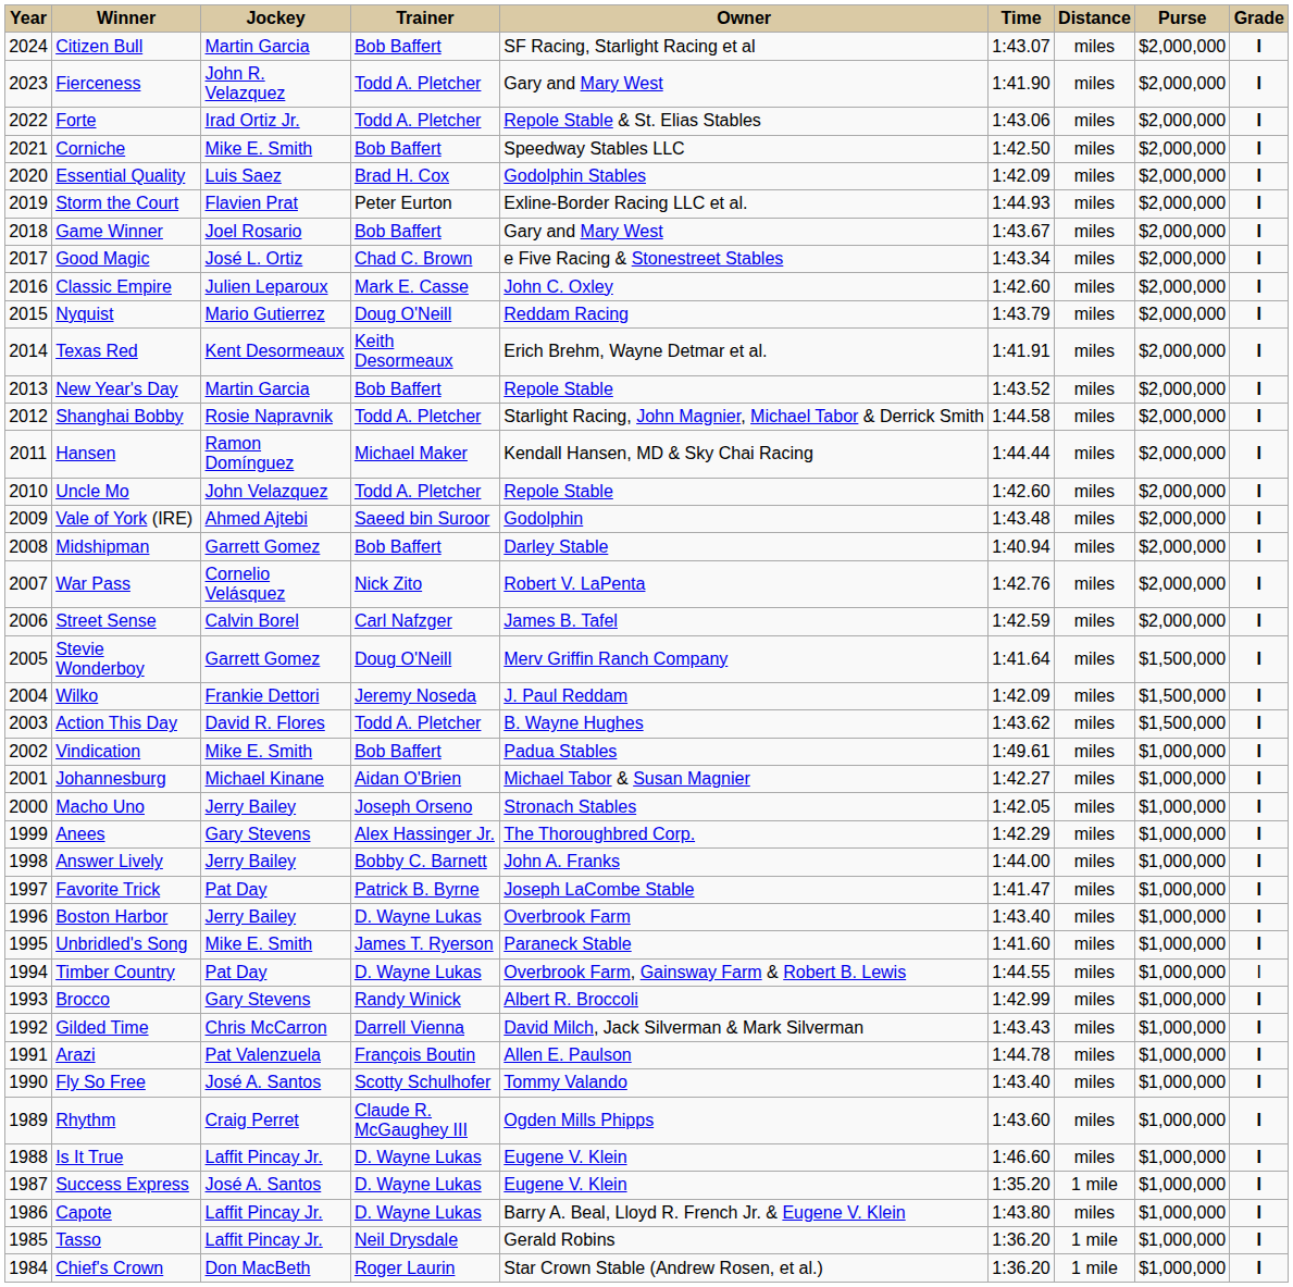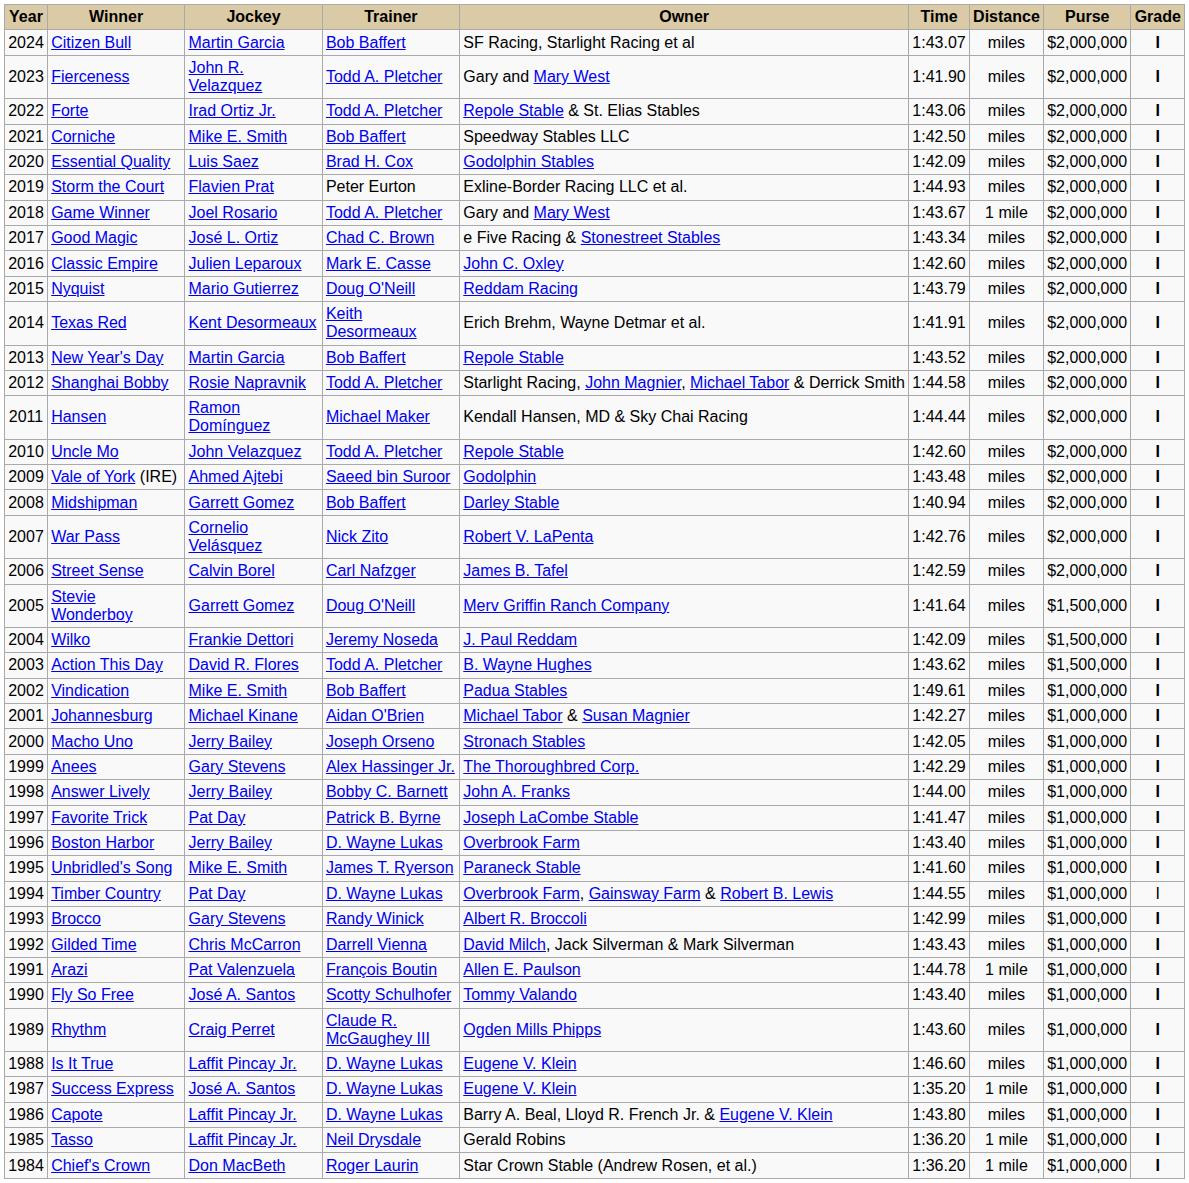 <table class="wikitable sortable">
 <tr>
 <th style="background-color:#DACAA5; width:25px">Year</th>
 <th style="background-color:#DACAA5; width:130px">Winner</th>
 <th style="background-color:#DACAA5; width:130px">Jockey</th>
 <th style="background-color:#DACAA5; width:130px">Trainer</th>
 <th style="background-color:#DACAA5;">Owner</th>
 <th style="background-color:#DACAA5; width:30px">Time</th>
 <th style="background-color:#DACAA5; width:60px">Distance</th>
 <th style="background-color:#DACAA5; width:40px">Purse</th>
 <th style="background-color:#DACAA5; width:40px">Grade</th>
 </tr>
 <tr>
 <td align="center">2024</td>
 <td><a href='#'>Citizen Bull</a></td>
 <td><a href='#'>Martin Garcia</a></td>
 <td><a href='#'>Bob Baffert</a></td>
 <td>SF Racing, Starlight Racing et al</td>
 <td align="center">1:43.07</td>
 <td align="center"> miles</td>
 <td align="center">$2,000,000</td>
 <td align="center"><strong>I</strong></td>
 </tr>
 <tr>
 <td align="center">2023</td>
 <td><a href='#'>Fierceness</a></td>
 <td><a href='#'>John R. Velazquez</a></td>
 <td><a href='#'>Todd A. Pletcher</a></td>
 <td>Gary and <a href='#'>Mary West</a></td>
 <td align="center">1:41.90</td>
 <td align="center"> miles</td>
 <td align="center">$2,000,000</td>
 <td align="center"><strong>I</strong></td>
 </tr>
 <tr>
 <td align="center">2022</td>
 <td><a href='#'>Forte</a></td>
 <td><a href='#'>Irad Ortiz Jr.</a></td>
 <td><a href='#'>Todd A. Pletcher</a></td>
 <td><a href='#'>Repole Stable</a> & St. Elias Stables</td>
 <td align="center">1:43.06</td>
 <td align="center"> miles</td>
 <td align="center">$2,000,000</td>
 <td align="center"><strong>I</strong></td>
 </tr>
 <tr>
 <td align="center">2021</td>
 <td><a href='#'>Corniche</a></td>
 <td><a href='#'>Mike E. Smith</a></td>
 <td><a href='#'>Bob Baffert</a></td>
 <td>Speedway Stables LLC</td>
 <td align="center">1:42.50</td>
 <td align="center"> miles</td>
 <td align="center">$2,000,000</td>
 <td align="center"><strong>I</strong></td>
 </tr>
 <tr>
 <td align="center">2020</td>
 <td><a href='#'>Essential Quality</a></td>
 <td><a href='#'>Luis Saez</a></td>
 <td><a href='#'>Brad H. Cox</a></td>
 <td><a href='#'>Godolphin Stables</a></td>
 <td align="center">1:42.09</td>
 <td align="center"> miles</td>
 <td align="center">$2,000,000</td>
 <td align="center"><strong>I</strong></td>
 </tr>
 <tr>
 <td align="center">2019</td>
 <td><a href='#'>Storm the Court</a></td>
 <td><a href='#'>Flavien Prat</a></td>
 <td>Peter Eurton</td>
 <td>Exline-Border Racing LLC et al.</td>
 <td align="center">1:44.93</td>
 <td align="center"> miles</td>
 <td align="center">$2,000,000</td>
 <td align="center"><strong>I</strong></td>
 </tr>
 <tr>
 <td align="center">2018</td>
 <td><a href='#'>Game Winner</a></td>
 <td><a href='#'>Joel Rosario</a></td>
-<td><a href='#'>Bob Baffert</a></td>
+<td><a href='#'>Todd A. Pletcher</a></td>
 <td>Gary and <a href='#'>Mary West</a></td>
 <td align="center">1:43.67</td>
-<td align="center"> miles</td>
+<td align=center>1 mile</td>
 <td align="center">$2,000,000</td>
 <td align="center"><strong>I</strong></td>
 </tr>
 <tr>
 <td align="center">2017</td>
 <td><a href='#'>Good Magic</a></td>
 <td><a href='#'>José L. Ortiz</a></td>
 <td><a href='#'>Chad C. Brown</a></td>
 <td>e Five Racing & <a href='#'>Stonestreet Stables</a></td>
 <td align="center">1:43.34</td>
 <td align="center"> miles</td>
 <td align="center">$2,000,000</td>
 <td align="center"><strong>I</strong></td>
 </tr>
 <tr>
 <td align="center">2016</td>
 <td><a href='#'>Classic Empire</a></td>
 <td><a href='#'>Julien Leparoux</a></td>
 <td><a href='#'>Mark E. Casse</a></td>
 <td><a href='#'>John C. Oxley</a></td>
 <td align="center">1:42.60</td>
 <td align="center"> miles</td>
 <td align="center">$2,000,000</td>
 <td align="center"><strong>I</strong></td>
 </tr>
 <tr>
 <td align="center">2015</td>
 <td><a href='#'>Nyquist</a></td>
 <td><a href='#'>Mario Gutierrez</a></td>
 <td><a href='#'>Doug O'Neill</a></td>
 <td><a href='#'>Reddam Racing</a></td>
 <td align="center">1:43.79</td>
 <td align="center"> miles</td>
 <td align="center">$2,000,000</td>
 <td align="center"><strong>I</strong></td>
 </tr>
 <tr>
 <td align="center">2014</td>
 <td><a href='#'>Texas Red</a></td>
 <td><a href='#'>Kent Desormeaux</a></td>
 <td><a href='#'>Keith Desormeaux</a></td>
 <td>Erich Brehm, Wayne Detmar et al.</td>
 <td align="center">1:41.91</td>
 <td align="center"> miles</td>
 <td align="center">$2,000,000</td>
 <td align="center"><strong>I</strong></td>
 </tr>
 <tr>
 <td align="center">2013</td>
 <td><a href='#'>New Year's Day</a></td>
 <td><a href='#'>Martin Garcia</a></td>
 <td><a href='#'>Bob Baffert</a></td>
 <td><a href='#'>Repole Stable</a></td>
 <td align="center">1:43.52</td>
 <td align="center"> miles</td>
 <td align="center">$2,000,000</td>
 <td align="center"><strong>I</strong></td>
 </tr>
 <tr>
 <td align="center">2012</td>
 <td><a href='#'>Shanghai Bobby</a></td>
 <td><a href='#'>Rosie Napravnik</a></td>
 <td><a href='#'>Todd A. Pletcher</a></td>
 <td>Starlight Racing, <a href='#'>John Magnier</a>, <a href='#'>Michael Tabor</a> & Derrick Smith</td>
 <td align="center">1:44.58</td>
 <td align="center"> miles</td>
 <td align="center">$2,000,000</td>
 <td align="center"><strong>I</strong></td>
 </tr>
 <tr>
 <td align="center">2011</td>
 <td><a href='#'>Hansen</a></td>
 <td><a href='#'>Ramon Domínguez</a></td>
 <td><a href='#'>Michael Maker</a></td>
 <td>Kendall Hansen, MD & Sky Chai Racing</td>
 <td align="center">1:44.44</td>
 <td align="center"> miles</td>
 <td align="center">$2,000,000</td>
 <td align="center"><strong>I</strong></td>
 </tr>
 <tr>
 <td align="center">2010</td>
 <td><a href='#'>Uncle Mo</a></td>
 <td><a href='#'>John Velazquez</a></td>
 <td><a href='#'>Todd A. Pletcher</a></td>
 <td><a href='#'>Repole Stable</a></td>
 <td align="center">1:42.60</td>
 <td align="center"> miles</td>
 <td align="center">$2,000,000</td>
 <td align="center"><strong>I</strong></td>
 </tr>
 <tr>
 <td align="center">2009</td>
 <td><a href='#'>Vale of York</a> (IRE)</td>
 <td><a href='#'>Ahmed Ajtebi</a></td>
 <td><a href='#'>Saeed bin Suroor</a></td>
 <td><a href='#'>Godolphin</a></td>
 <td align="center">1:43.48</td>
 <td align="center"> miles</td>
 <td align="center">$2,000,000</td>
 <td align="center"><strong>I</strong></td>
 </tr>
 <tr>
 <td align="center">2008</td>
 <td><a href='#'>Midshipman</a></td>
 <td><a href='#'>Garrett Gomez</a></td>
 <td><a href='#'>Bob Baffert</a></td>
 <td><a href='#'>Darley Stable</a></td>
 <td align="center">1:40.94</td>
 <td align="center"> miles</td>
 <td align="center">$2,000,000</td>
 <td align="center"><strong>I</strong></td>
 </tr>
 <tr>
 <td align="center">2007</td>
 <td><a href='#'>War Pass</a></td>
 <td><a href='#'>Cornelio Velásquez</a></td>
 <td><a href='#'>Nick Zito</a></td>
 <td><a href='#'>Robert V. LaPenta</a></td>
 <td align="center">1:42.76</td>
 <td align="center"> miles</td>
 <td align="center">$2,000,000</td>
 <td align="center"><strong>I</strong></td>
 </tr>
 <tr>
 <td align="center">2006</td>
 <td><a href='#'>Street Sense</a></td>
 <td><a href='#'>Calvin Borel</a></td>
 <td><a href='#'>Carl Nafzger</a></td>
 <td><a href='#'>James B. Tafel</a></td>
 <td align="center">1:42.59</td>
 <td align="center"> miles</td>
 <td align="center">$2,000,000</td>
 <td align="center"><strong>I</strong></td>
 </tr>
 <tr>
 <td align="center">2005</td>
 <td><a href='#'>Stevie Wonderboy</a></td>
 <td><a href='#'>Garrett Gomez</a></td>
 <td><a href='#'>Doug O'Neill</a></td>
 <td><a href='#'>Merv Griffin Ranch Company</a></td>
 <td align="center">1:41.64</td>
 <td align="center"> miles</td>
 <td align="center">$1,500,000</td>
 <td align="center"><strong>I</strong></td>
 </tr>
 <tr>
 <td align="center">2004</td>
 <td><a href='#'>Wilko</a></td>
 <td><a href='#'>Frankie Dettori</a></td>
 <td><a href='#'>Jeremy Noseda</a></td>
 <td><a href='#'>J. Paul Reddam</a></td>
 <td align="center">1:42.09</td>
 <td align="center"> miles</td>
 <td align="center">$1,500,000</td>
 <td align="center"><strong>I</strong></td>
 </tr>
 <tr>
 <td align="center">2003</td>
 <td><a href='#'>Action This Day</a></td>
 <td><a href='#'>David R. Flores</a></td>
 <td><a href='#'>Todd A. Pletcher</a></td>
 <td><a href='#'>B. Wayne Hughes</a></td>
 <td align="center">1:43.62</td>
 <td align="center"> miles</td>
 <td align="center">$1,500,000</td>
 <td align="center"><strong>I</strong></td>
 </tr>
 <tr>
 <td align="center">2002</td>
 <td><a href='#'>Vindication</a></td>
 <td><a href='#'>Mike E. Smith</a></td>
 <td><a href='#'>Bob Baffert</a></td>
 <td><a href='#'>Padua Stables</a></td>
 <td align="center">1:49.61</td>
 <td align="center"> miles</td>
 <td align="center">$1,000,000</td>
 <td align="center"><strong>I</strong></td>
 </tr>
 <tr>
 <td align="center">2001</td>
 <td><a href='#'>Johannesburg</a></td>
 <td><a href='#'>Michael Kinane</a></td>
 <td><a href='#'>Aidan O'Brien</a></td>
 <td><a href='#'>Michael Tabor</a> & <a href='#'>Susan Magnier</a></td>
 <td align="center">1:42.27</td>
 <td align="center"> miles</td>
 <td align="center">$1,000,000</td>
 <td align="center"><strong>I</strong></td>
 </tr>
 <tr>
 <td align="center">2000</td>
 <td><a href='#'>Macho Uno</a></td>
 <td><a href='#'>Jerry Bailey</a></td>
 <td><a href='#'>Joseph Orseno</a></td>
 <td><a href='#'>Stronach Stables</a></td>
 <td align="center">1:42.05</td>
 <td align="center"> miles</td>
 <td align="center">$1,000,000</td>
 <td align="center"><strong>I</strong></td>
 </tr>
 <tr>
 <td align="center">1999</td>
 <td><a href='#'>Anees</a></td>
 <td><a href='#'>Gary Stevens</a></td>
 <td><a href='#'>Alex Hassinger Jr.</a></td>
 <td><a href='#'>The Thoroughbred Corp.</a></td>
 <td align="center">1:42.29</td>
 <td align="center"> miles</td>
 <td align="center">$1,000,000</td>
 <td align="center"><strong>I</strong></td>
 </tr>
 <tr>
 <td align="center">1998</td>
 <td><a href='#'>Answer Lively</a></td>
 <td><a href='#'>Jerry Bailey</a></td>
 <td><a href='#'>Bobby C. Barnett</a></td>
 <td><a href='#'>John A. Franks</a></td>
 <td align="center">1:44.00</td>
 <td align="center"> miles</td>
 <td align="center">$1,000,000</td>
 <td align="center"><strong>I</strong></td>
 </tr>
 <tr>
 <td align="center">1997</td>
 <td><a href='#'>Favorite Trick</a></td>
 <td><a href='#'>Pat Day</a></td>
 <td><a href='#'>Patrick B. Byrne</a></td>
 <td><a href='#'>Joseph LaCombe Stable</a></td>
 <td align="center">1:41.47</td>
 <td align="center"> miles</td>
 <td align="center">$1,000,000</td>
 <td align="center"><strong>I</strong></td>
 </tr>
 <tr>
 <td align="center">1996</td>
 <td><a href='#'>Boston Harbor</a></td>
 <td><a href='#'>Jerry Bailey</a></td>
 <td><a href='#'>D. Wayne Lukas</a></td>
 <td><a href='#'>Overbrook Farm</a></td>
 <td align="center">1:43.40</td>
 <td align="center"> miles</td>
 <td align="center">$1,000,000</td>
 <td align="center"><strong>I</strong></td>
 </tr>
 <tr>
 <td align="center">1995</td>
 <td><a href='#'>Unbridled's Song</a></td>
 <td><a href='#'>Mike E. Smith</a></td>
 <td><a href='#'>James T. Ryerson</a></td>
 <td><a href='#'>Paraneck Stable</a></td>
 <td align="center">1:41.60</td>
 <td align="center"> miles</td>
 <td align="center">$1,000,000</td>
 <td align="center"><strong>I</strong></td>
 </tr>
 <tr>
 <td align=center>1994</td>
 <td><a href='#'>Timber Country</a></td>
 <td><a href='#'>Pat Day</a></td>
 <td><a href='#'>D. Wayne Lukas</a></td>
 <td><a href='#'>Overbrook Farm</a>, <a href='#'>Gainsway Farm</a> & <a href='#'>Robert B. Lewis</a></td>
 <td align=center>1:44.55</td>
 <td align=center> miles</td>
 <td align=center>$1,000,000</td>
 <td align=center>I</td>
 </tr>
 <tr>
 <td align=center>1993</td>
 <td><a href='#'>Brocco</a></td>
 <td><a href='#'>Gary Stevens</a></td>
 <td><a href='#'>Randy Winick</a></td>
 <td><a href='#'>Albert R. Broccoli</a></td>
 <td align=center>1:42.99</td>
 <td align=center> miles</td>
 <td align=center>$1,000,000</td>
 <td align=center><strong>I</strong></td>
 </tr>
 <tr>
 <td align=center>1992</td>
 <td><a href='#'>Gilded Time</a></td>
 <td><a href='#'>Chris McCarron</a></td>
 <td><a href='#'>Darrell Vienna</a></td>
 <td><a href='#'>David Milch</a>, Jack Silverman & Mark Silverman</td>
 <td align=center>1:43.43</td>
 <td align=center> miles</td>
 <td align=center>$1,000,000</td>
 <td align=center><strong>I</strong></td>
 </tr>
 <tr>
 <td align=center>1991</td>
 <td><a href='#'>Arazi</a></td>
 <td><a href='#'>Pat Valenzuela</a></td>
 <td><a href='#'>François Boutin</a></td>
 <td><a href='#'>Allen E. Paulson</a></td>
 <td align=center>1:44.78</td>
-<td align=center> miles</td>
+<td align=center>1 mile</td>
 <td align=center>$1,000,000</td>
 <td align=center><strong>I</strong></td>
 </tr>
 <tr>
 <td align=center>1990</td>
 <td><a href='#'>Fly So Free</a></td>
 <td><a href='#'>José A. Santos</a></td>
 <td><a href='#'>Scotty Schulhofer</a></td>
 <td><a href='#'>Tommy Valando</a></td>
 <td align=center>1:43.40</td>
 <td align=center> miles</td>
 <td align=center>$1,000,000</td>
 <td align=center><strong>I</strong></td>
 </tr>
 <tr>
 <td align=center>1989</td>
 <td><a href='#'>Rhythm</a></td>
 <td><a href='#'>Craig Perret</a></td>
 <td><a href='#'>Claude R. McGaughey III</a></td>
 <td><a href='#'>Ogden Mills Phipps</a></td>
 <td align=center>1:43.60</td>
 <td align=center> miles</td>
 <td align=center>$1,000,000</td>
 <td align=center><strong>I</strong></td>
 </tr>
 <tr>
 <td align=center>1988</td>
 <td><a href='#'>Is It True</a></td>
 <td><a href='#'>Laffit Pincay Jr.</a></td>
 <td><a href='#'>D. Wayne Lukas</a></td>
 <td><a href='#'>Eugene V. Klein</a></td>
 <td align=center>1:46.60</td>
 <td align=center> miles</td>
 <td align=center>$1,000,000</td>
 <td align=center><strong>I</strong></td>
 </tr>
 <tr>
 <td align=center>1987</td>
 <td><a href='#'>Success Express</a></td>
 <td><a href='#'>José A. Santos</a></td>
 <td><a href='#'>D. Wayne Lukas</a></td>
 <td><a href='#'>Eugene V. Klein</a></td>
 <td align=center>1:35.20</td>
 <td align=center>1 mile</td>
 <td align=center>$1,000,000</td>
 <td align=center><strong>I</strong></td>
 </tr>
 <tr>
 <td align=center>1986</td>
 <td><a href='#'>Capote</a></td>
 <td><a href='#'>Laffit Pincay Jr.</a></td>
 <td><a href='#'>D. Wayne Lukas</a></td>
 <td>Barry A. Beal, Lloyd R. French Jr. & <a href='#'>Eugene V. Klein</a></td>
 <td align=center>1:43.80</td>
 <td align=center> miles</td>
 <td align=center>$1,000,000</td>
 <td align=center><strong>I</strong></td>
 </tr>
 <tr>
 <td align=center>1985</td>
 <td><a href='#'>Tasso</a></td>
 <td><a href='#'>Laffit Pincay Jr.</a></td>
 <td><a href='#'>Neil Drysdale</a></td>
 <td>Gerald Robins</td>
 <td align=center>1:36.20</td>
 <td align=center>1 mile</td>
 <td align=center>$1,000,000</td>
 <td align=center><strong>I</strong></td>
 </tr>
 <tr>
 <td align=center>1984</td>
 <td><a href='#'>Chief's Crown</a></td>
 <td><a href='#'>Don MacBeth</a></td>
 <td><a href='#'>Roger Laurin</a></td>
 <td>Star Crown Stable (Andrew Rosen, et al.)</td>
 <td align=center>1:36.20</td>
 <td align=center>1 mile</td>
 <td align=center>$1,000,000</td>
 <td align=center><strong>I</strong></td>
 </tr>
 </table>
